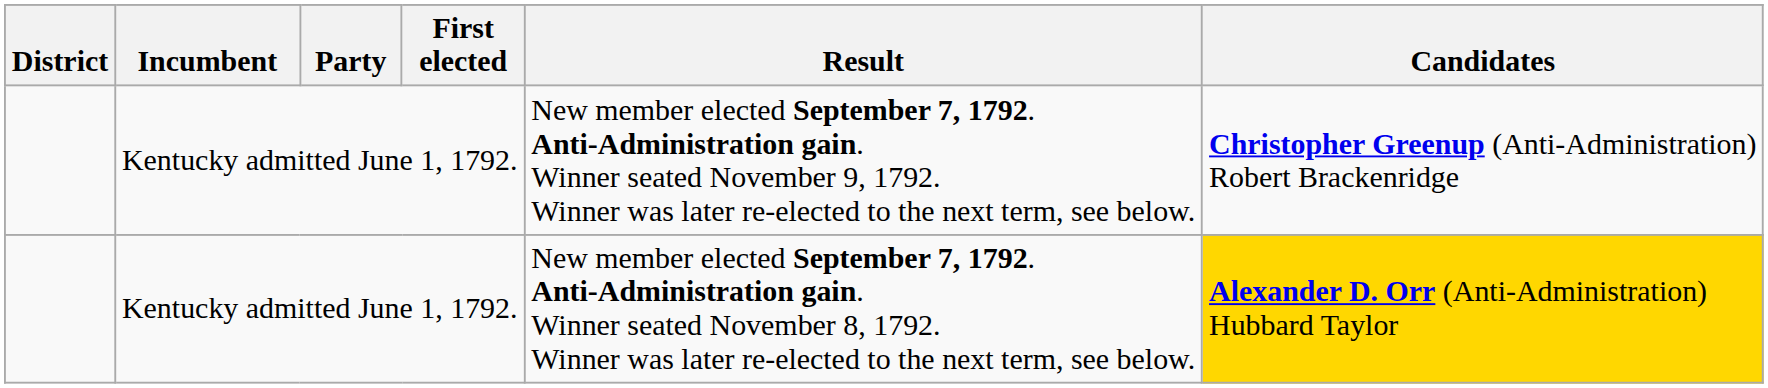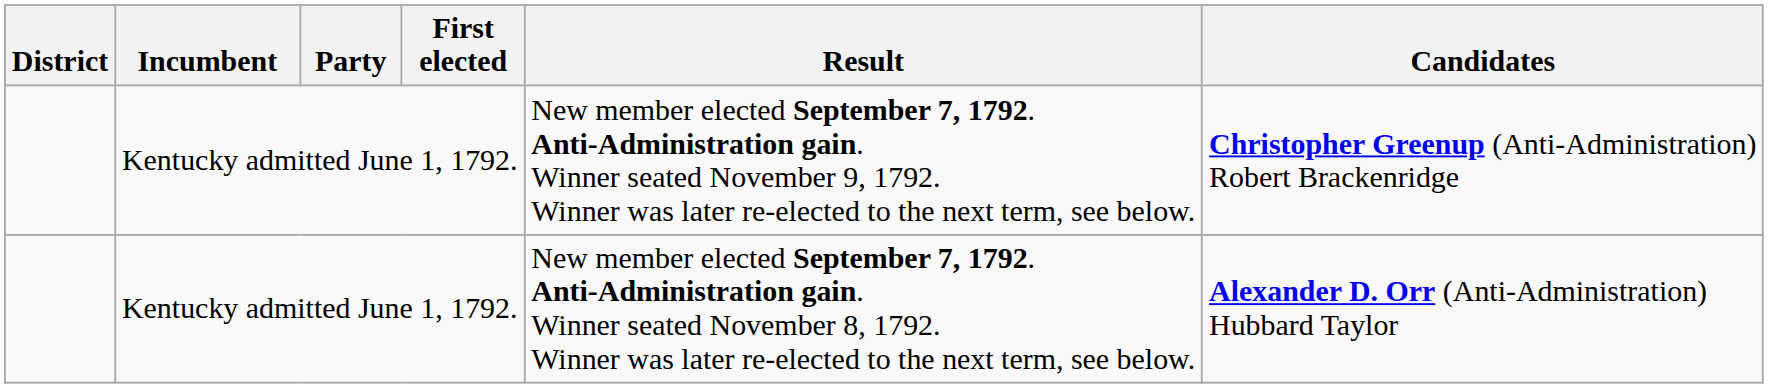 <table class=wikitable>
 <tr valign=bottom>
 <th>District</th>
 <th>Incumbent</th>
 <th>Party</th>
 <th>First<br>elected</th>
 <th>Result</th>
 <th>Candidates</th>
 </tr>
 <tr>
 <td><br></td>
 <td colspan=3>Kentucky admitted June 1, 1792.</td>
 <td>New member elected <strong>September 7, 1792</strong>.<br><strong>Anti-Administration gain</strong>.<br>Winner seated November 9, 1792.<br>Winner was later re-elected to the next term, see below.</td>
 <td><strong><a href='#'>Christopher Greenup</a></strong> (Anti-Administration)<br>Robert Brackenridge</td>
 </tr>
 <tr>
 <td><br></td>
 <td colspan=3>Kentucky admitted June 1, 1792.</td>
 <td>New member elected <strong>September 7, 1792</strong>.<br><strong>Anti-Administration gain</strong>.<br>Winner seated November 8, 1792.<br>Winner was later re-elected to the next term, see below.</td>
-<td style="background: gold;"><strong><a href='#'>Alexander D. Orr</a></strong> (Anti-Administration)<br>Hubbard Taylor</td>
+<td><strong><a href='#'>Alexander D. Orr</a></strong> (Anti-Administration)<br>Hubbard Taylor</td>
 </tr>
 </table>
